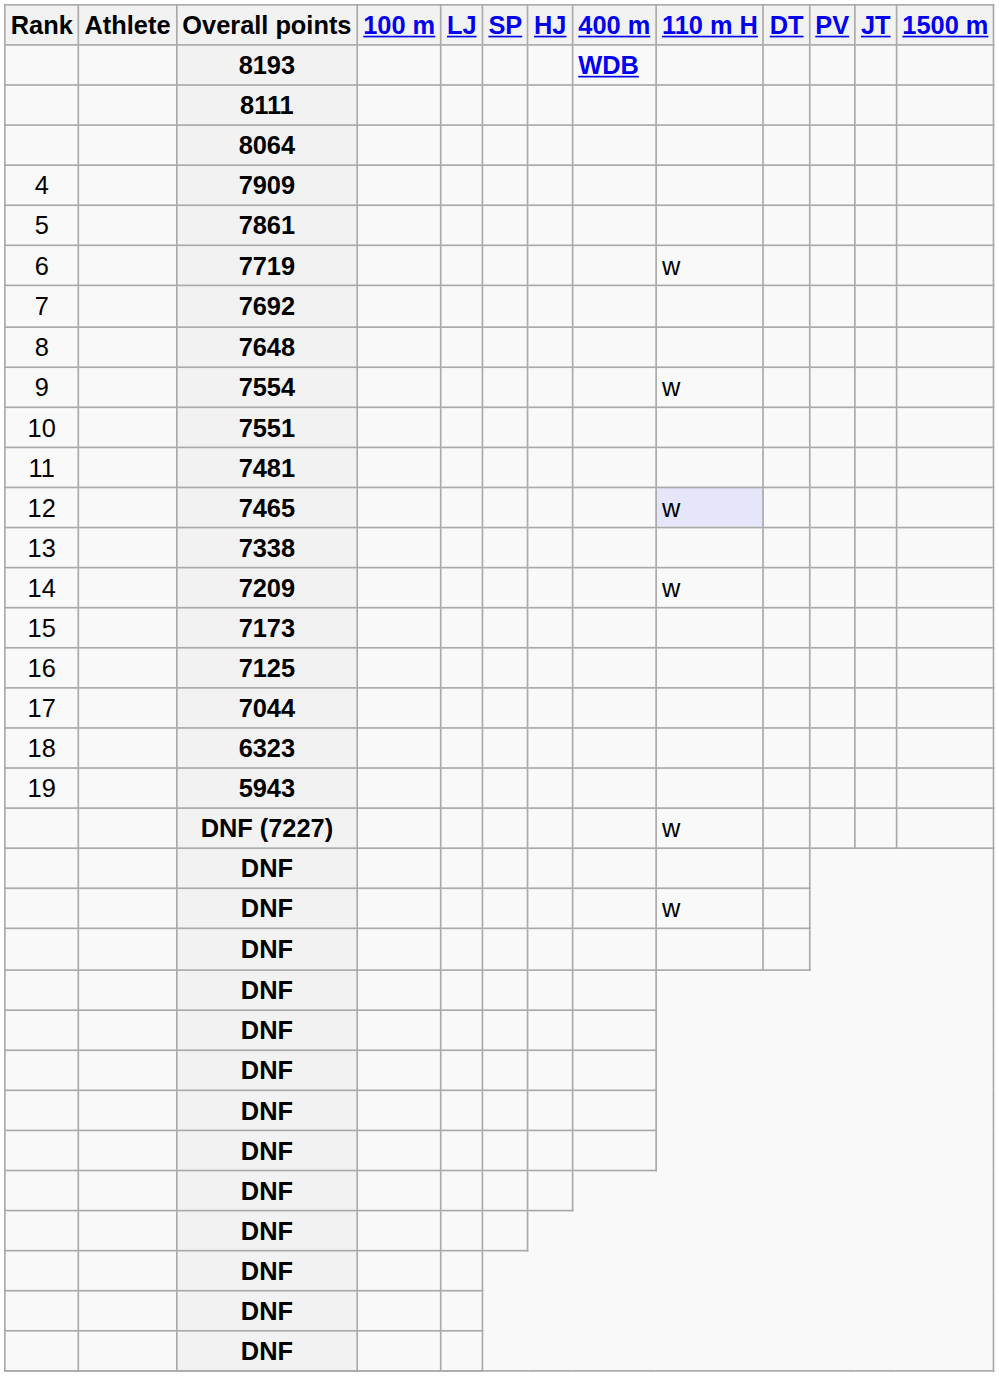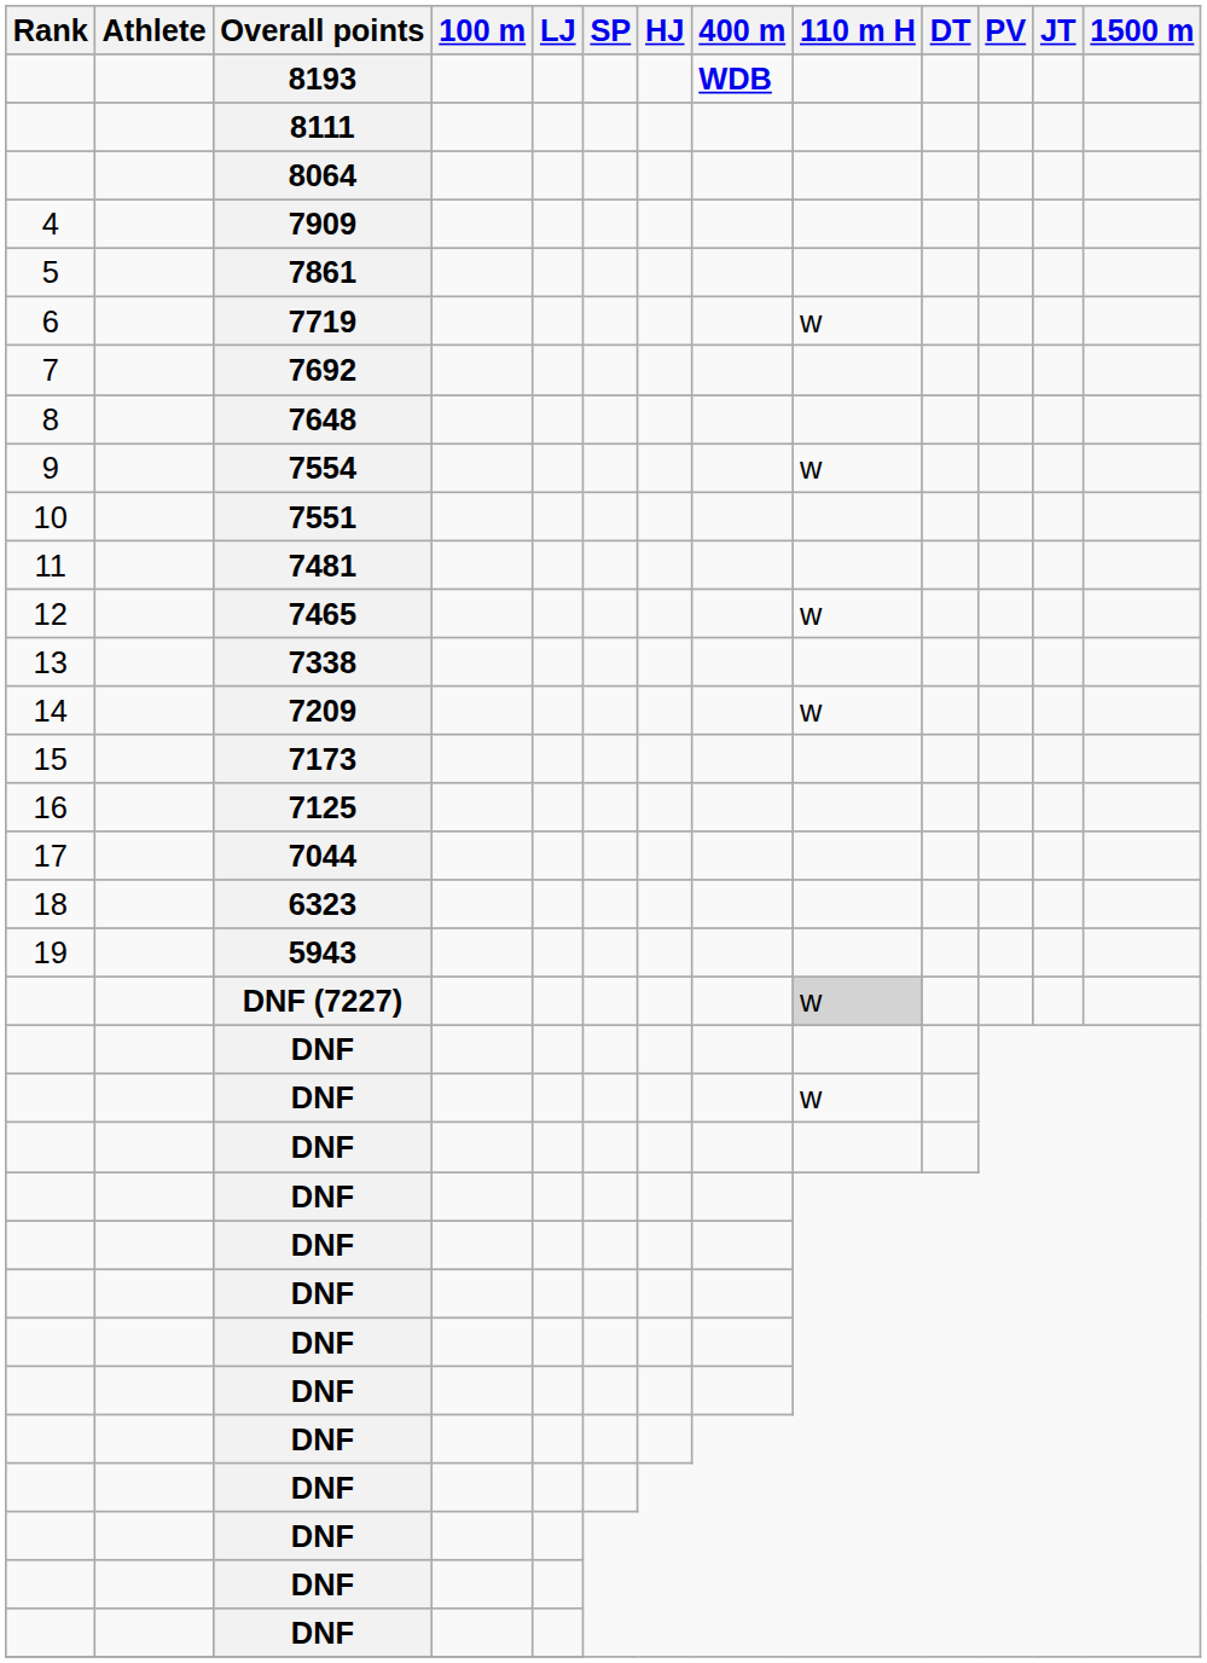 <table class="wikitable sortable" style="font-size:95%;">
 <tr>
 <th>Rank</th>
 <th>Athlete</th>
 <th>Overall points</th>
 <th><a href='#'>100 m</a></th>
 <th><a href='#'>LJ</a></th>
 <th><a href='#'>SP</a></th>
 <th><a href='#'>HJ</a></th>
 <th><a href='#'>400 m</a></th>
 <th><a href='#'>110 m H</a></th>
 <th><a href='#'>DT</a></th>
 <th><a href='#'>PV</a></th>
 <th><a href='#'>JT</a></th>
 <th><a href='#'>1500 m</a></th>
 </tr>
 <tr>
 <td align=center></td>
 <td></td>
 <th>8193</th>
 <td></td>
 <td></td>
 <td></td>
 <td></td>
 <td> <strong><a href='#'>WDB</a></strong></td>
 <td></td>
 <td></td>
 <td></td>
 <td></td>
 <td></td>
 </tr>
 <tr>
 <td align=center></td>
 <td></td>
 <th>8111</th>
 <td></td>
 <td></td>
 <td></td>
 <td></td>
 <td></td>
 <td></td>
 <td></td>
 <td></td>
 <td></td>
 <td></td>
 </tr>
 <tr>
 <td align=center></td>
 <td></td>
 <th>8064</th>
 <td></td>
 <td></td>
 <td></td>
 <td></td>
 <td></td>
 <td></td>
 <td></td>
 <td></td>
 <td></td>
 <td></td>
 </tr>
 <tr>
 <td align=center>4</td>
 <td></td>
 <th>7909</th>
 <td></td>
 <td></td>
 <td></td>
 <td></td>
 <td></td>
 <td></td>
 <td></td>
 <td></td>
 <td></td>
 <td></td>
 </tr>
 <tr>
 <td align=center>5</td>
 <td></td>
 <th>7861</th>
 <td></td>
 <td></td>
 <td></td>
 <td></td>
 <td></td>
 <td></td>
 <td></td>
 <td></td>
 <td></td>
 <td></td>
 </tr>
 <tr>
 <td align=center>6</td>
 <td></td>
 <th>7719</th>
 <td></td>
 <td></td>
 <td></td>
 <td></td>
 <td></td>
 <td>w</td>
 <td></td>
 <td></td>
 <td></td>
 <td></td>
 </tr>
 <tr>
 <td align=center>7</td>
 <td></td>
 <th>7692</th>
 <td></td>
 <td></td>
 <td></td>
 <td></td>
 <td></td>
 <td></td>
 <td></td>
 <td></td>
 <td></td>
 <td></td>
 </tr>
 <tr>
 <td align=center>8</td>
 <td></td>
 <th>7648</th>
 <td></td>
 <td></td>
 <td></td>
 <td></td>
 <td></td>
 <td></td>
 <td></td>
 <td></td>
 <td></td>
 <td></td>
 </tr>
 <tr>
 <td align=center>9</td>
 <td></td>
 <th>7554</th>
 <td></td>
 <td></td>
 <td></td>
 <td></td>
 <td></td>
 <td>w</td>
 <td></td>
 <td></td>
 <td></td>
 <td></td>
 </tr>
 <tr>
 <td align=center>10</td>
 <td></td>
 <th>7551</th>
 <td></td>
 <td></td>
 <td></td>
 <td></td>
 <td></td>
 <td></td>
 <td></td>
 <td></td>
 <td></td>
 <td></td>
 </tr>
 <tr>
 <td align=center>11</td>
 <td></td>
 <th>7481</th>
 <td></td>
 <td></td>
 <td></td>
 <td></td>
 <td></td>
 <td></td>
 <td></td>
 <td></td>
 <td></td>
 <td></td>
 </tr>
 <tr>
 <td align=center>12</td>
 <td></td>
 <th>7465</th>
 <td></td>
 <td></td>
 <td></td>
 <td></td>
 <td></td>
-<td style="background: lavender;">w</td>
+<td>w</td>
 <td></td>
 <td></td>
 <td></td>
 <td></td>
 </tr>
 <tr>
 <td align=center>13</td>
 <td></td>
 <th>7338</th>
 <td></td>
 <td></td>
 <td></td>
 <td></td>
 <td></td>
 <td></td>
 <td></td>
 <td></td>
 <td></td>
 <td></td>
 </tr>
 <tr>
 <td align=center>14</td>
 <td></td>
 <th>7209</th>
 <td></td>
 <td></td>
 <td></td>
 <td></td>
 <td></td>
 <td>w</td>
 <td></td>
 <td></td>
 <td></td>
 <td></td>
 </tr>
 <tr>
 <td align=center>15</td>
 <td></td>
 <th>7173</th>
 <td></td>
 <td></td>
 <td></td>
 <td></td>
 <td></td>
 <td></td>
 <td></td>
 <td></td>
 <td></td>
 <td></td>
 </tr>
 <tr>
 <td align=center>16</td>
 <td></td>
 <th>7125</th>
 <td></td>
 <td></td>
 <td></td>
 <td></td>
 <td></td>
 <td></td>
 <td></td>
 <td></td>
 <td></td>
 <td></td>
 </tr>
 <tr>
 <td align=center>17</td>
 <td></td>
 <th>7044</th>
 <td></td>
 <td></td>
 <td></td>
 <td></td>
 <td></td>
 <td></td>
 <td></td>
 <td></td>
 <td></td>
 <td></td>
 </tr>
 <tr>
 <td align=center>18</td>
 <td></td>
 <th>6323</th>
 <td></td>
 <td></td>
 <td></td>
 <td></td>
 <td></td>
 <td></td>
 <td></td>
 <td></td>
 <td></td>
 <td></td>
 </tr>
 <tr>
 <td align=center>19</td>
 <td></td>
 <th>5943</th>
 <td></td>
 <td></td>
 <td></td>
 <td></td>
 <td></td>
 <td></td>
 <td></td>
 <td></td>
 <td></td>
 <td></td>
 </tr>
 <tr>
 <td></td>
 <td></td>
 <th>DNF (7227)</th>
 <td></td>
 <td></td>
 <td></td>
 <td></td>
 <td></td>
-<td>w</td>
+<td style="background: lightgrey;">w</td>
 <td></td>
 <td></td>
 <td></td>
 <td></td>
 </tr>
 <tr>
 <td></td>
 <td></td>
 <th>DNF</th>
 <td></td>
 <td></td>
 <td></td>
 <td></td>
 <td></td>
 <td></td>
 <td></td>
 </tr>
 <tr>
 <td></td>
 <td></td>
 <th>DNF</th>
 <td></td>
 <td></td>
 <td></td>
 <td></td>
 <td></td>
 <td>w</td>
 <td></td>
 </tr>
 <tr>
 <td></td>
 <td></td>
 <th>DNF</th>
 <td></td>
 <td></td>
 <td></td>
 <td></td>
 <td></td>
 <td></td>
 <td></td>
 </tr>
 <tr>
 <td></td>
 <td></td>
 <th>DNF</th>
 <td></td>
 <td></td>
 <td></td>
 <td></td>
 <td></td>
 </tr>
 <tr>
 <td></td>
 <td></td>
 <th>DNF</th>
 <td></td>
 <td></td>
 <td></td>
 <td></td>
 <td></td>
 </tr>
 <tr>
 <td></td>
 <td></td>
 <th>DNF</th>
 <td></td>
 <td></td>
 <td></td>
 <td></td>
 <td></td>
 </tr>
 <tr>
 <td></td>
 <td></td>
 <th>DNF</th>
 <td></td>
 <td></td>
 <td></td>
 <td></td>
 <td></td>
 </tr>
 <tr>
 <td></td>
 <td></td>
 <th>DNF</th>
 <td></td>
 <td></td>
 <td></td>
 <td></td>
 <td></td>
 </tr>
 <tr>
 <td></td>
 <td></td>
 <th>DNF</th>
 <td></td>
 <td></td>
 <td></td>
 <td></td>
 </tr>
 <tr>
 <td></td>
 <td></td>
 <th>DNF</th>
 <td></td>
 <td></td>
 <td></td>
 </tr>
 <tr>
 <td></td>
 <td></td>
 <th>DNF</th>
 <td></td>
 <td></td>
 </tr>
 <tr>
 <td></td>
 <td></td>
 <th>DNF</th>
 <td></td>
 <td></td>
 </tr>
 <tr>
 <td></td>
 <td></td>
 <th>DNF</th>
 <td></td>
 <td></td>
 </tr>
 <tr>
 </tr>
 </table>
